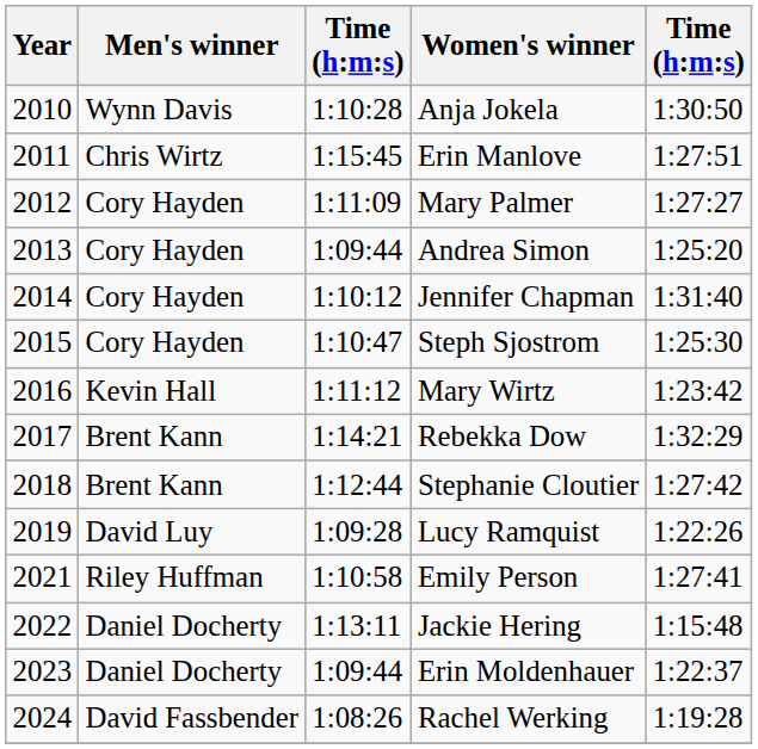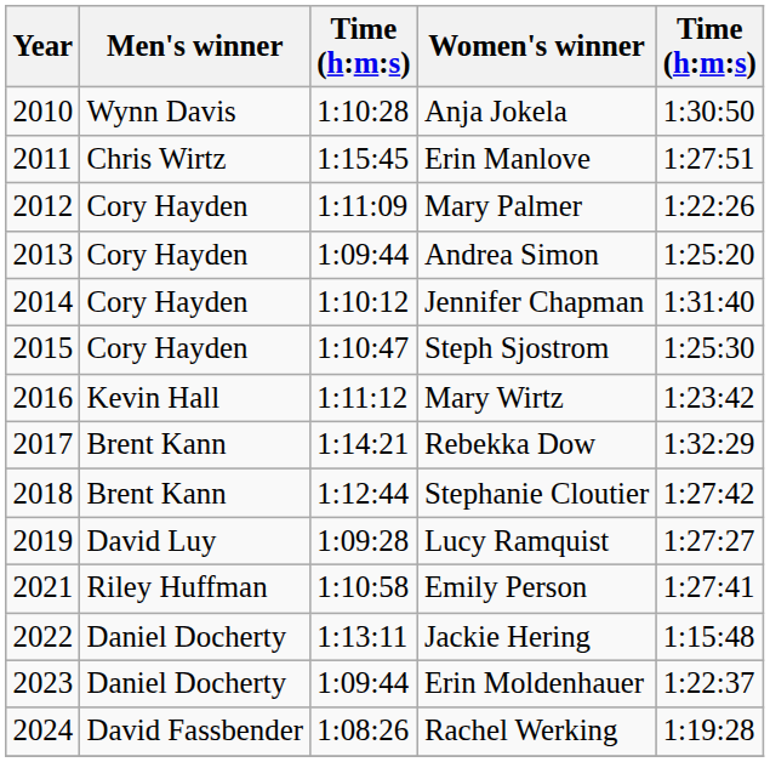 <table class="wikitable sortable plainrowheaders">
 <tr>
 <th scope="col">Year</th>
 <th scope="col">Men's winner</th>
 <th scope="col">Time<br>(<a href='#'>h</a>:<a href='#'>m</a>:<a href='#'>s</a>)</th>
 <th scope="col">Women's winner</th>
 <th scope="col">Time<br>(<a href='#'>h</a>:<a href='#'>m</a>:<a href='#'>s</a>)</th>
 </tr>
 <tr>
 <td>2010</td>
 <td>Wynn Davis</td>
 <td>1:10:28</td>
 <td>Anja Jokela</td>
 <td>1:30:50</td>
 </tr>
 <tr>
 <td>2011</td>
 <td>Chris Wirtz</td>
 <td>1:15:45</td>
 <td>Erin Manlove</td>
 <td>1:27:51</td>
 </tr>
 <tr>
 <td>2012</td>
 <td>Cory Hayden</td>
 <td>1:11:09</td>
 <td>Mary Palmer</td>
-<td>1:27:27</td>
+<td>1:22:26</td>
 </tr>
 <tr>
 <td>2013</td>
 <td>Cory Hayden</td>
 <td>1:09:44</td>
 <td>Andrea Simon</td>
 <td>1:25:20</td>
 </tr>
 <tr>
 <td>2014</td>
 <td>Cory Hayden</td>
 <td>1:10:12</td>
 <td>Jennifer Chapman</td>
 <td>1:31:40</td>
 </tr>
 <tr>
 <td>2015</td>
 <td>Cory Hayden</td>
 <td>1:10:47</td>
 <td>Steph Sjostrom</td>
 <td>1:25:30</td>
 </tr>
 <tr>
 <td>2016</td>
 <td>Kevin Hall</td>
 <td>1:11:12</td>
 <td>Mary Wirtz</td>
 <td>1:23:42</td>
 </tr>
 <tr>
 <td>2017</td>
 <td>Brent Kann</td>
 <td>1:14:21</td>
 <td>Rebekka Dow</td>
 <td>1:32:29</td>
 </tr>
 <tr>
 <td>2018</td>
 <td>Brent Kann</td>
 <td>1:12:44</td>
 <td>Stephanie Cloutier</td>
 <td>1:27:42</td>
 </tr>
 <tr>
 <td>2019</td>
 <td>David Luy</td>
 <td>1:09:28</td>
 <td>Lucy Ramquist</td>
-<td>1:22:26</td>
+<td>1:27:27</td>
 </tr>
 <tr>
 <td>2021</td>
 <td>Riley Huffman</td>
 <td>1:10:58</td>
 <td>Emily Person</td>
 <td>1:27:41</td>
 </tr>
 <tr>
 <td>2022</td>
 <td>Daniel Docherty</td>
 <td>1:13:11</td>
 <td>Jackie Hering</td>
 <td>1:15:48</td>
 </tr>
 <tr>
 <td>2023</td>
 <td>Daniel Docherty</td>
 <td>1:09:44</td>
 <td>Erin Moldenhauer</td>
 <td>1:22:37</td>
 </tr>
 <tr>
 <td>2024</td>
 <td>David Fassbender</td>
 <td>1:08:26</td>
 <td>Rachel Werking</td>
 <td>1:19:28</td>
 </tr>
 <tr>
 </tr>
 </table>
